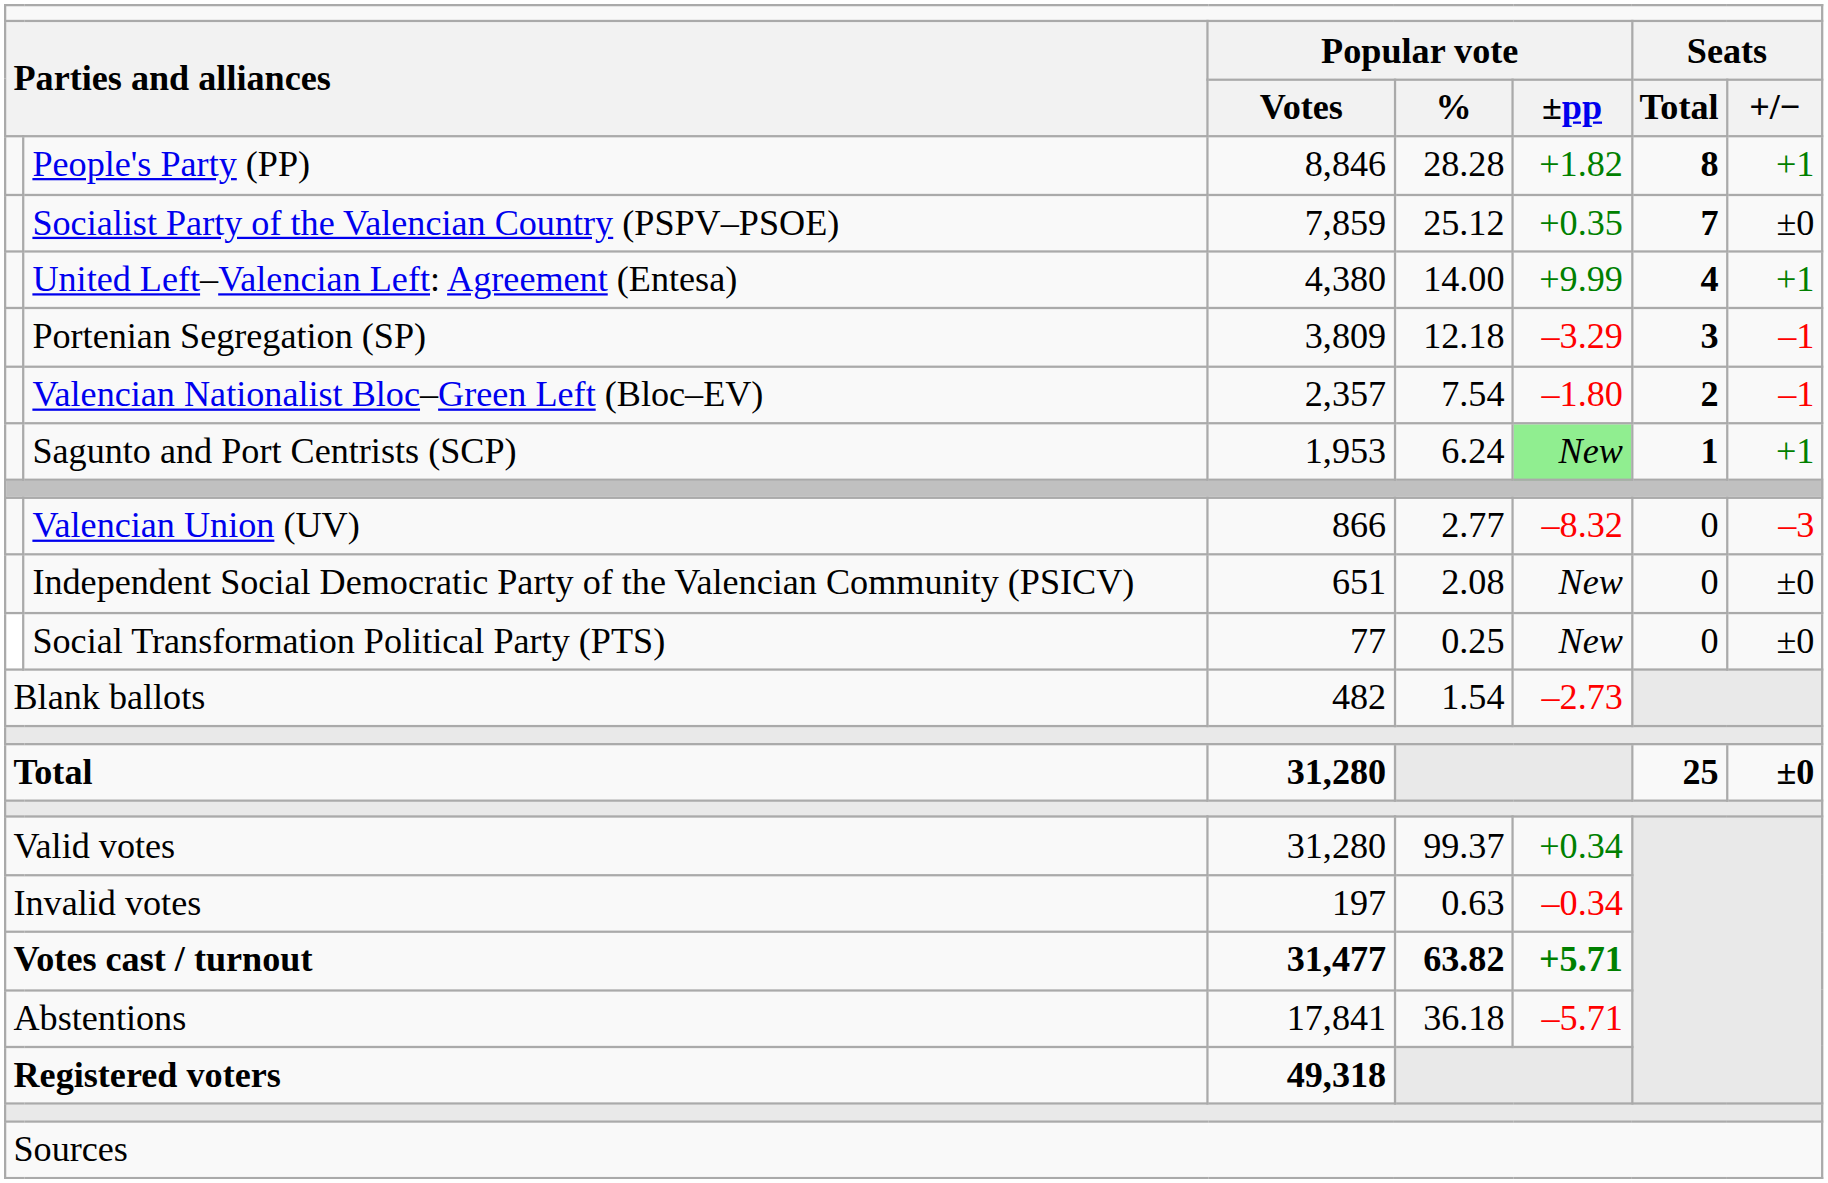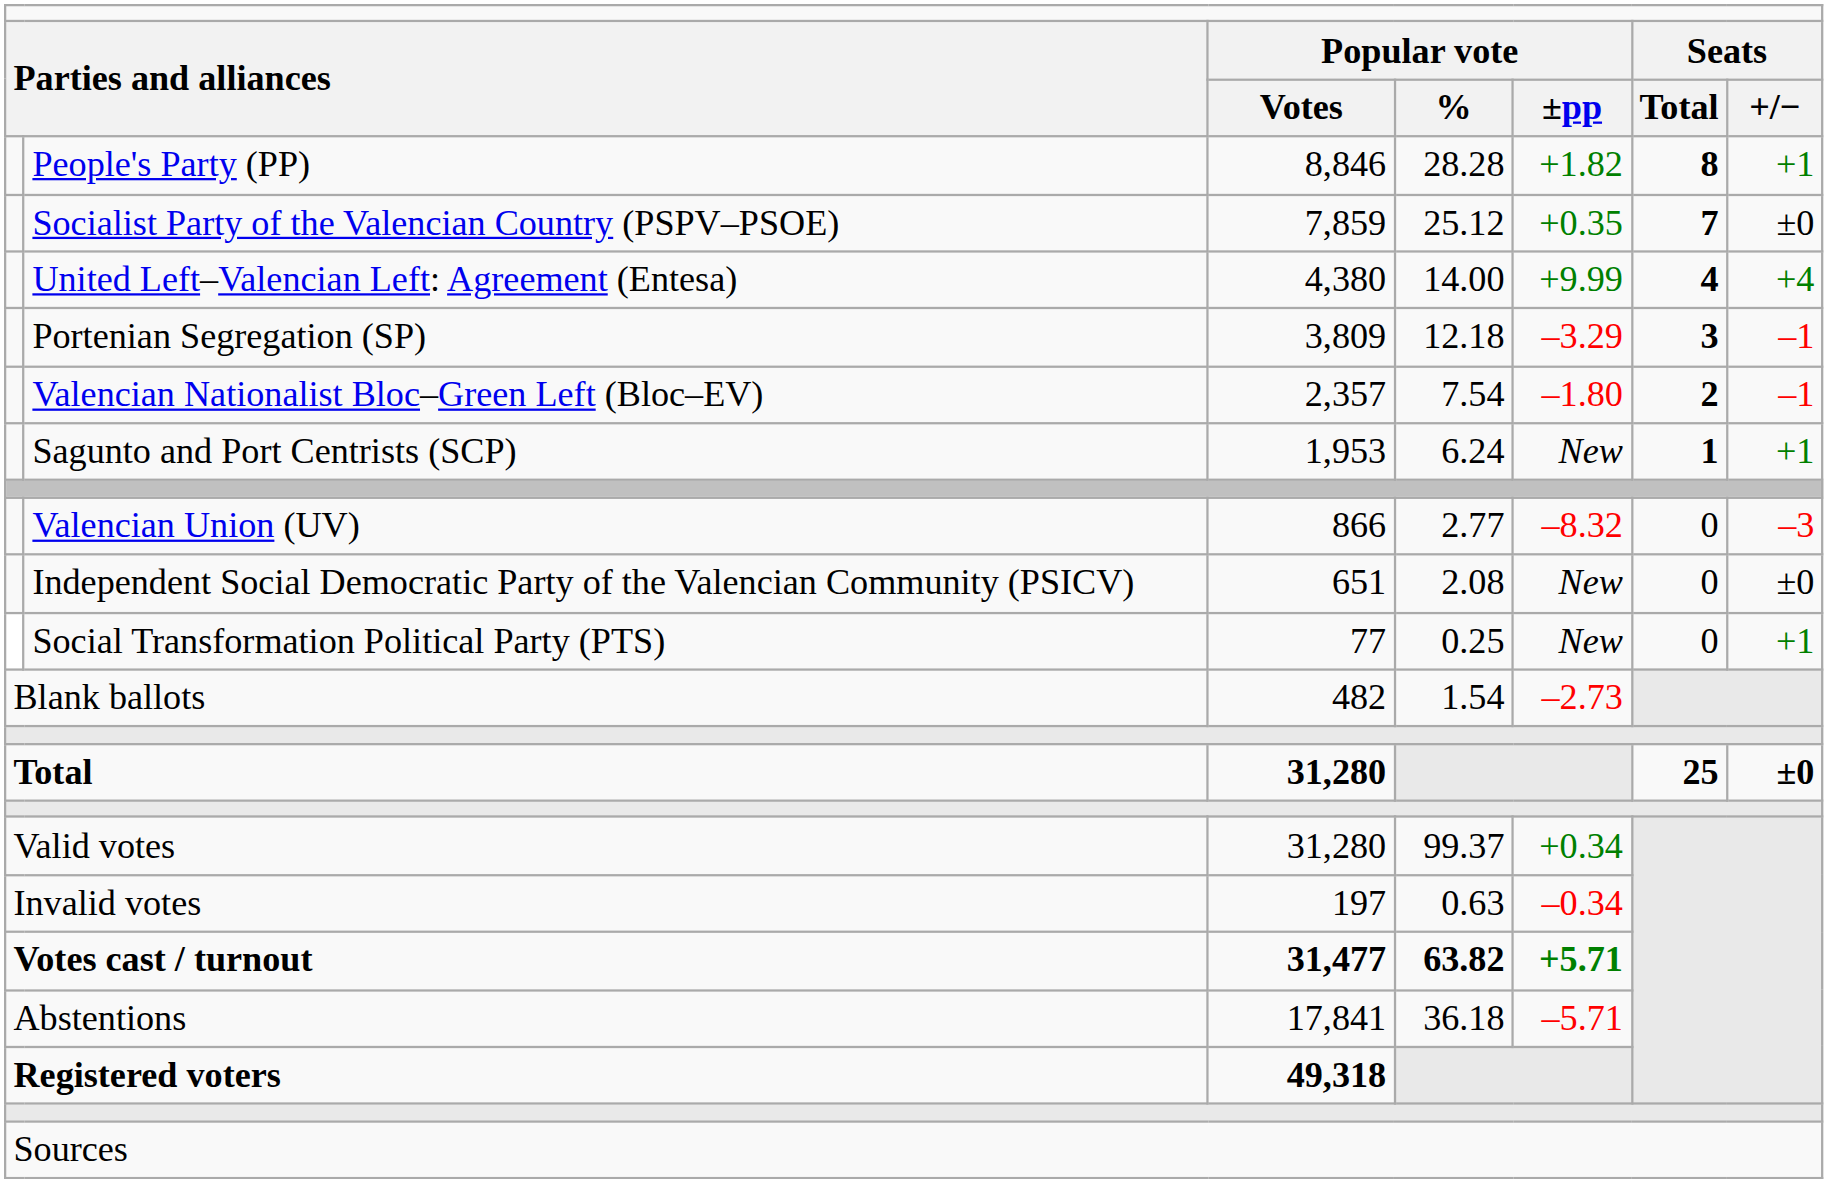 <table class="wikitable" style="text-align:right;">
 <tr>
 <td colspan="7"></td>
 </tr>
 <tr>
 <th style="text-align:left;" rowspan="2" colspan="2" width="525">Parties and alliances</th>
 <th colspan="3">Popular vote</th>
 <th colspan="2">Seats</th>
 </tr>
 <tr>
 <th width="75">Votes</th>
 <th width="45">%</th>
 <th width="45">±<a href='#'>pp</a></th>
 <th width="35">Total</th>
 <th width="35">+/−</th>
 </tr>
 <tr>
 <td width="1" style="color:inherit;background:"></td>
 <td align="left"><a href='#'>People's Party</a> (PP)</td>
 <td>8,846</td>
 <td>28.28</td>
 <td style="color:green;">+1.82</td>
 <td><strong>8</strong></td>
 <td style="color:green;">+1</td>
 </tr>
 <tr>
 <td style="color:inherit;background:"></td>
 <td align="left"><a href='#'>Socialist Party of the Valencian Country</a> (PSPV–PSOE)</td>
 <td>7,859</td>
 <td>25.12</td>
 <td style="color:green;">+0.35</td>
 <td><strong>7</strong></td>
 <td>±0</td>
 </tr>
 <tr>
 <td style="color:inherit;background:"></td>
 <td align="left"><a href='#'>United Left</a>–<a href='#'>Valencian Left</a>: <a href='#'>Agreement</a> (Entesa)</td>
 <td>4,380</td>
 <td>14.00</td>
 <td style="color:green;">+9.99</td>
 <td><strong>4</strong></td>
-<td style="color:green;">+1</td>
+<td style="color:green;">+4</td>
 </tr>
 <tr>
 <td style="color:inherit;background:"></td>
 <td align="left">Portenian Segregation (SP)</td>
 <td>3,809</td>
 <td>12.18</td>
 <td style="color:red;">–3.29</td>
 <td><strong>3</strong></td>
 <td style="color:red;">–1</td>
 </tr>
 <tr>
 <td style="color:inherit;background:"></td>
 <td align="left"><a href='#'>Valencian Nationalist Bloc</a>–<a href='#'>Green Left</a> (Bloc–EV)</td>
 <td>2,357</td>
 <td>7.54</td>
 <td style="color:red;">–1.80</td>
 <td><strong>2</strong></td>
 <td style="color:red;">–1</td>
 </tr>
 <tr>
 <td style="color:inherit;background:"></td>
 <td align="left">Sagunto and Port Centrists (SCP)</td>
 <td>1,953</td>
 <td>6.24</td>
-<td style="background: lightgreen;"><em>New</em></td>
+<td><em>New</em></td>
 <td><strong>1</strong></td>
 <td style="color:green;">+1</td>
 </tr>
 <tr>
 <td colspan="7" bgcolor="#C0C0C0"></td>
 </tr>
 <tr>
 <td style="color:inherit;background:"></td>
 <td align="left"><a href='#'>Valencian Union</a> (UV)</td>
 <td>866</td>
 <td>2.77</td>
 <td style="color:red;">–8.32</td>
 <td>0</td>
 <td style="color:red;">–3</td>
 </tr>
 <tr>
 <td style="color:inherit;background:"></td>
 <td align="left">Independent Social Democratic Party of the Valencian Community (PSICV)</td>
 <td>651</td>
 <td>2.08</td>
 <td><em>New</em></td>
 <td>0</td>
 <td>±0</td>
 </tr>
 <tr>
 <td bgcolor="white"></td>
 <td align="left">Social Transformation Political Party (PTS)</td>
 <td>77</td>
 <td>0.25</td>
 <td><em>New</em></td>
 <td>0</td>
-<td>±0</td>
+<td style="color:green;">+1</td>
 </tr>
 <tr>
 <td align="left" colspan="2">Blank ballots</td>
 <td>482</td>
 <td>1.54</td>
 <td style="color:red;">–2.73</td>
 <td bgcolor="#E9E9E9" colspan="2"></td>
 </tr>
 <tr>
 <td colspan="7" bgcolor="#E9E9E9"></td>
 </tr>
 <tr style="font-weight:bold;">
 <td align="left" colspan="2">Total</td>
 <td>31,280</td>
 <td bgcolor="#E9E9E9" colspan="2"></td>
 <td>25</td>
 <td>±0</td>
 </tr>
 <tr>
 <td colspan="7" bgcolor="#E9E9E9"></td>
 </tr>
 <tr>
 <td align="left" colspan="2">Valid votes</td>
 <td>31,280</td>
 <td>99.37</td>
 <td style="color:green;">+0.34</td>
 <td bgcolor="#E9E9E9" colspan="2" rowspan="5"></td>
 </tr>
 <tr>
 <td align="left" colspan="2">Invalid votes</td>
 <td>197</td>
 <td>0.63</td>
 <td style="color:red;">–0.34</td>
 </tr>
 <tr style="font-weight:bold;">
 <td align="left" colspan="2">Votes cast / turnout</td>
 <td>31,477</td>
 <td>63.82</td>
 <td style="color:green;">+5.71</td>
 </tr>
 <tr>
 <td align="left" colspan="2">Abstentions</td>
 <td>17,841</td>
 <td>36.18</td>
 <td style="color:red;">–5.71</td>
 </tr>
 <tr style="font-weight:bold;">
 <td align="left" colspan="2">Registered voters</td>
 <td>49,318</td>
 <td bgcolor="#E9E9E9" colspan="2"></td>
 </tr>
 <tr>
 <td colspan="7" bgcolor="#E9E9E9"></td>
 </tr>
 <tr>
 <td align="left" colspan="7">Sources</td>
 </tr>
 </table>
